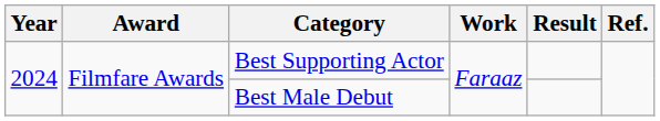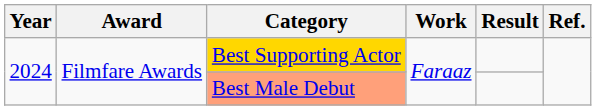 <table class="wikitable">
 <tr>
 <th>Year</th>
 <th>Award</th>
 <th>Category</th>
 <th>Work</th>
 <th>Result</th>
 <th>Ref.</th>
 </tr>
 <tr>
 <td rowspan="2"><a href='#'>2024</a></td>
 <td rowspan="2"><a href='#'>Filmfare Awards</a></td>
-<td><a href='#'>Best Supporting Actor</a></td>
+<td style="background: gold;"><a href='#'>Best Supporting Actor</a></td>
 <td rowspan="2"><em><a href='#'>Faraaz</a></em></td>
 <td></td>
 <td rowspan="2"></td>
 </tr>
 <tr>
-<td><a href='#'>Best Male Debut</a></td>
+<td style="background: lightsalmon;"><a href='#'>Best Male Debut</a></td>
 <td></td>
 </tr>
 </table>
